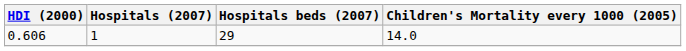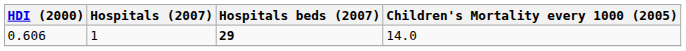 <table class="wikitable" border="1">
 <tr>
 <th><a href='#'>HDI</a> (2000)</th>
 <th>Hospitals (2007)</th>
 <th>Hospitals beds (2007)</th>
 <th>Children's Mortality every 1000 (2005)</th>
 </tr>
 <tr>
 <td>0.606</td>
 <td>1</td>
-<td>29</td>
+<td><strong>29</strong></td>
 <td>14.0</td>
 </tr>
 <tr>
 </tr>
 </table>
